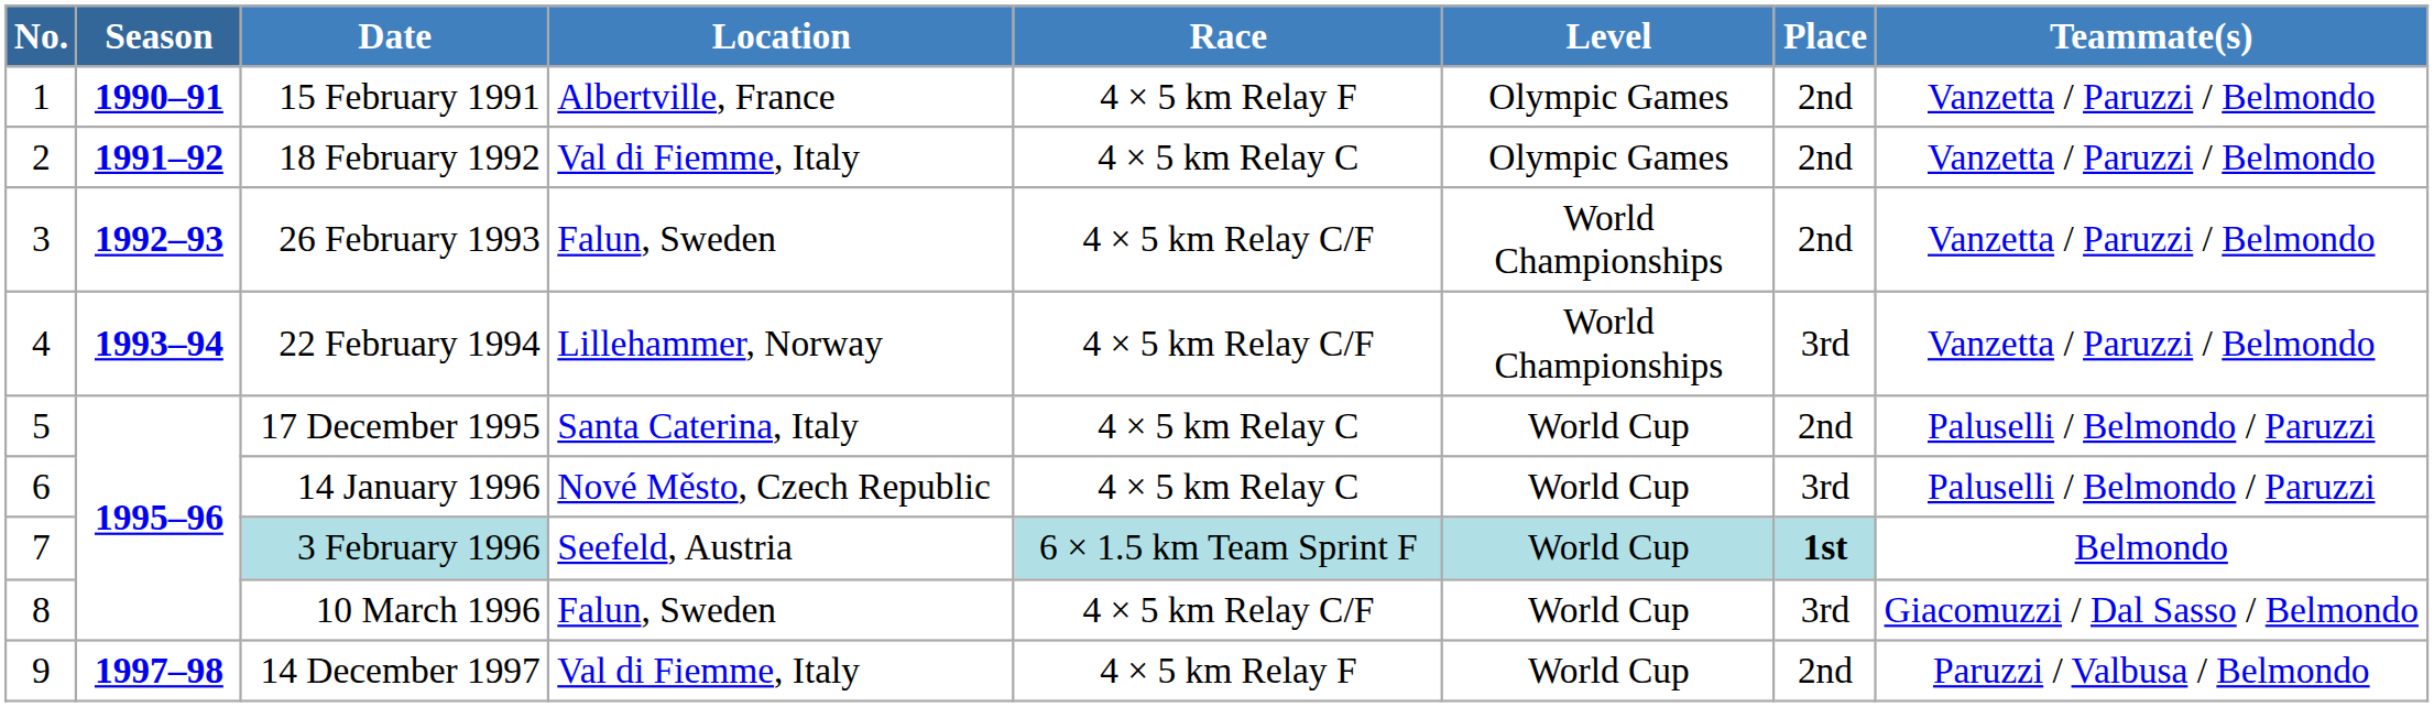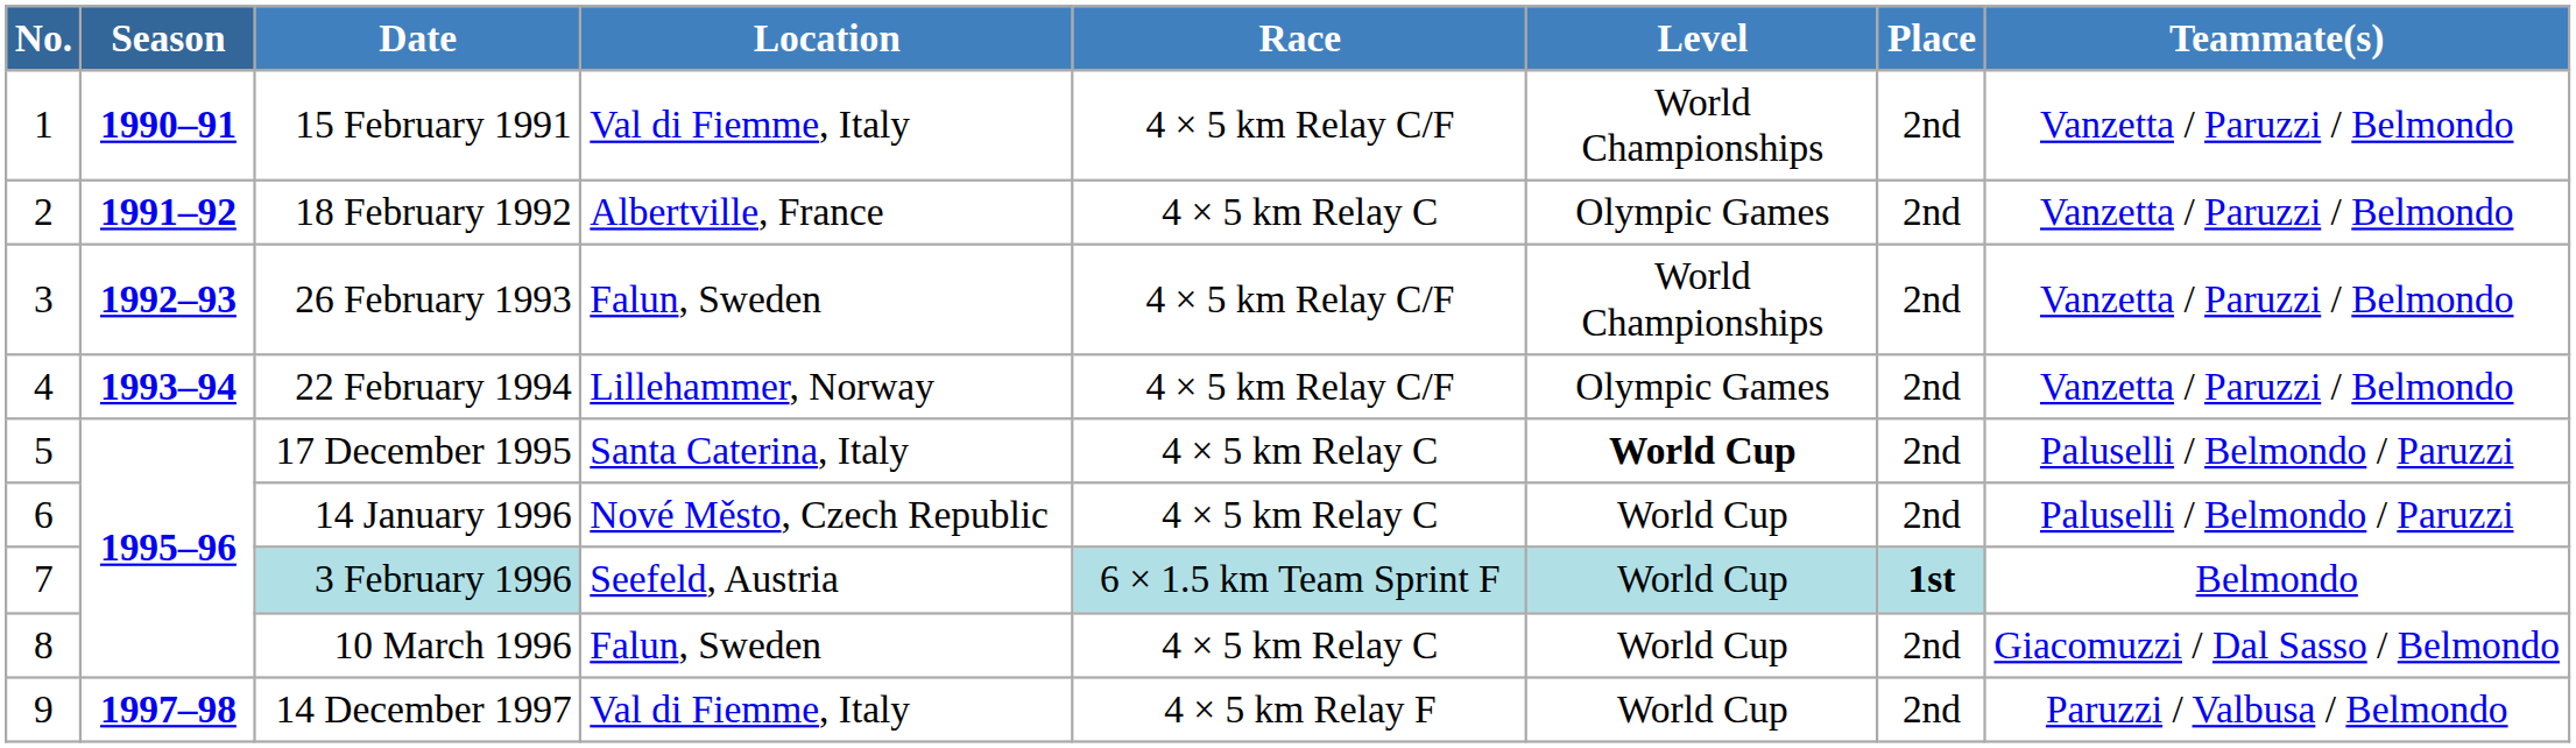 <table class="wikitable sortable" style="font-size:95%; text-align:center; border:grey solid 1px; border-collapse:collapse; background:#ffffff;">
 <tr style="background:#efefef;">
 <th style="background-color:#369; color:white;">No.</th>
 <th style="background-color:#369; color:white;">Season</th>
 <th style="background-color:#4180be; color:white; width:120px;">Date</th>
 <th style="background-color:#4180be; color:white; width:185px;">Location</th>
 <th style="background-color:#4180be; color:white; width:170px;">Race</th>
 <th style="background-color:#4180be; color:white; width:130px;">Level</th>
 <th style="background-color:#4180be; color:white;">Place</th>
 <th style="background-color:#4180be; color:white;">Teammate(s)</th>
 </tr>
 <tr>
 <td align=center>1</td>
 <td rowspan=1 align=center><strong> <a href='#'>1990–91</a> </strong></td>
 <td align=right>15 February 1991</td>
-<td align=left> <a href='#'>Albertville</a>, France</td>
-<td>4 × 5 km Relay F</td>
-<td>Olympic Games</td>
+<td align=left> <a href='#'>Val di Fiemme</a>, Italy</td>
+<td>4 × 5 km Relay C/F</td>
+<td>World Championships</td>
 <td>2nd</td>
 <td><a href='#'>Vanzetta</a> / <a href='#'>Paruzzi</a> / <a href='#'>Belmondo</a></td>
 </tr>
 <tr>
 <td align=center>2</td>
 <td rowspan=1 align=center><strong> <a href='#'>1991–92</a> </strong></td>
 <td align=right>18 February 1992</td>
-<td align=left> <a href='#'>Val di Fiemme</a>, Italy</td>
+<td align=left> <a href='#'>Albertville</a>, France</td>
 <td>4 × 5 km Relay C</td>
 <td>Olympic Games</td>
 <td>2nd</td>
 <td><a href='#'>Vanzetta</a> / <a href='#'>Paruzzi</a> / <a href='#'>Belmondo</a></td>
 </tr>
 <tr>
 <td align=center>3</td>
 <td rowspan=1 align=center><strong> <a href='#'>1992–93</a> </strong></td>
 <td align=right>26 February 1993</td>
 <td align=left> <a href='#'>Falun</a>, Sweden</td>
 <td>4 × 5 km Relay C/F</td>
 <td>World Championships</td>
 <td>2nd</td>
 <td><a href='#'>Vanzetta</a> / <a href='#'>Paruzzi</a> / <a href='#'>Belmondo</a></td>
 </tr>
 <tr>
 <td align=center>4</td>
 <td rowspan=1 align=center><strong> <a href='#'>1993–94</a> </strong></td>
 <td align=right>22 February 1994</td>
 <td align=left> <a href='#'>Lillehammer</a>, Norway</td>
 <td>4 × 5 km Relay C/F</td>
-<td>World Championships</td>
-<td>3rd</td>
+<td>Olympic Games</td>
+<td>2nd</td>
 <td><a href='#'>Vanzetta</a> / <a href='#'>Paruzzi</a> / <a href='#'>Belmondo</a></td>
 </tr>
 <tr>
 <td align=center>5</td>
 <td rowspan=4 align=center><strong> <a href='#'>1995–96</a> </strong></td>
 <td align=right>17 December 1995</td>
 <td align=left> <a href='#'>Santa Caterina</a>, Italy</td>
 <td>4 × 5 km Relay C</td>
-<td>World Cup</td>
+<td><strong>World Cup</strong></td>
 <td>2nd</td>
 <td><a href='#'>Paluselli</a> / <a href='#'>Belmondo</a> / <a href='#'>Paruzzi</a></td>
 </tr>
 <tr>
 <td align=center>6</td>
 <td align=right>14 January 1996</td>
 <td align=left> <a href='#'>Nové Město</a>, Czech Republic</td>
 <td>4 × 5 km Relay C</td>
 <td>World Cup</td>
-<td>3rd</td>
+<td>2nd</td>
 <td><a href='#'>Paluselli</a> / <a href='#'>Belmondo</a> / <a href='#'>Paruzzi</a></td>
 </tr>
 <tr>
 <td align=center>7</td>
 <td bgcolor="#BOEOE6" align=right>3 February 1996</td>
 <td align=left> <a href='#'>Seefeld</a>, Austria</td>
 <td bgcolor="#BOEOE6">6 × 1.5 km Team Sprint F</td>
 <td bgcolor="#BOEOE6">World Cup</td>
 <td bgcolor="#BOEOE6"><strong>1st</strong></td>
 <td><a href='#'>Belmondo</a></td>
 </tr>
 <tr>
 <td align=center>8</td>
 <td align=right>10 March 1996</td>
 <td align=left> <a href='#'>Falun</a>, Sweden</td>
-<td>4 × 5 km Relay C/F</td>
+<td>4 × 5 km Relay C</td>
 <td>World Cup</td>
-<td>3rd</td>
+<td>2nd</td>
 <td><a href='#'>Giacomuzzi</a> / <a href='#'>Dal Sasso</a> / <a href='#'>Belmondo</a></td>
 </tr>
 <tr>
 <td align=center>9</td>
 <td rowspan=1 align=center><strong> <a href='#'>1997–98</a> </strong></td>
 <td align=right>14 December 1997</td>
 <td align=left> <a href='#'>Val di Fiemme</a>, Italy</td>
 <td>4 × 5 km Relay F</td>
 <td>World Cup</td>
 <td>2nd</td>
 <td><a href='#'>Paruzzi</a> / <a href='#'>Valbusa</a> / <a href='#'>Belmondo</a></td>
 </tr>
 </table>
